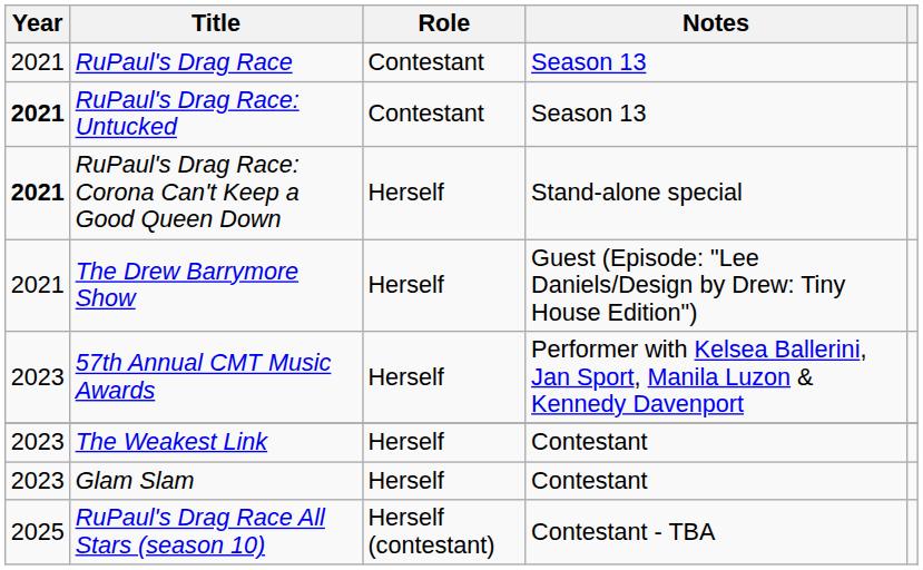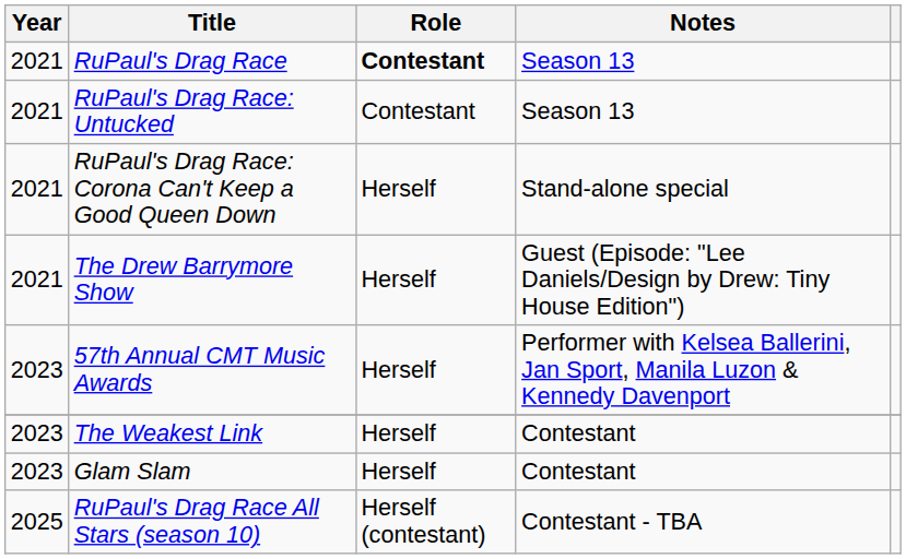 <table class="wikitable">
 <tr>
 <th>Year</th>
 <th>Title</th>
 <th>Role</th>
 <th>Notes</th>
 <th style="text-align: center;" class="unsortable"></th>
 </tr>
 <tr>
 <td>2021</td>
 <td><em><a href='#'>RuPaul's Drag Race</a></em></td>
-<td>Contestant</td>
+<td><strong>Contestant</strong></td>
 <td><a href='#'>Season 13</a></td>
 <td></td>
 </tr>
 <tr>
-<td><strong>2021</strong></td>
+<td>2021</td>
 <td><em><a href='#'>RuPaul's Drag Race: Untucked</a></em></td>
 <td>Contestant</td>
 <td>Season 13</td>
 <td></td>
 </tr>
 <tr>
-<td><strong>2021</strong></td>
+<td>2021</td>
 <td><em>RuPaul's Drag Race: Corona Can't Keep a Good Queen Down</em></td>
 <td>Herself</td>
 <td>Stand-alone special</td>
 <td></td>
 </tr>
 <tr>
 <td>2021</td>
 <td><em><a href='#'>The Drew Barrymore Show</a></em></td>
 <td>Herself</td>
 <td>Guest (Episode: "Lee Daniels/Design by Drew: Tiny House Edition")</td>
 <td></td>
 </tr>
 <tr>
 <td>2023</td>
 <td><em><a href='#'>57th Annual CMT Music Awards</a></em></td>
 <td>Herself</td>
 <td>Performer with <a href='#'>Kelsea Ballerini</a>, <a href='#'>Jan Sport</a>, <a href='#'>Manila Luzon</a> & <a href='#'>Kennedy Davenport</a></td>
 <td></td>
 </tr>
 <tr>
 </tr>
 <tr>
 <td>2023</td>
 <td><em><a href='#'>The Weakest Link</a></em></td>
 <td>Herself</td>
 <td>Contestant</td>
 <td></td>
 </tr>
 <tr>
 <td>2023</td>
 <td><em>Glam Slam</em></td>
 <td>Herself</td>
 <td>Contestant</td>
 <td></td>
 </tr>
 <tr>
 <td>2025</td>
 <td><em><a href='#'>RuPaul's Drag Race All Stars (season 10)</a></em></td>
 <td>Herself (contestant)</td>
 <td>Contestant - TBA</td>
 <td></td>
 </tr>
 </table>
